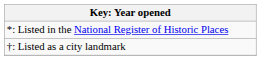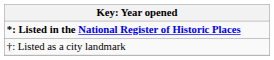 <table class="wikitable">
 <tr>
 <th width=90%>Key: Year opened</th>
 </tr>
 <tr>
-<td>*: Listed in the <a href='#'>National Register of Historic Places</a></td>
+<td><strong>*: Listed in the <a href='#'>National Register of Historic Places</a></strong></td>
 </tr>
 <tr>
 <td>†: Listed as a city landmark</td>
 </tr>
 <tr>
 </tr>
 </table>
